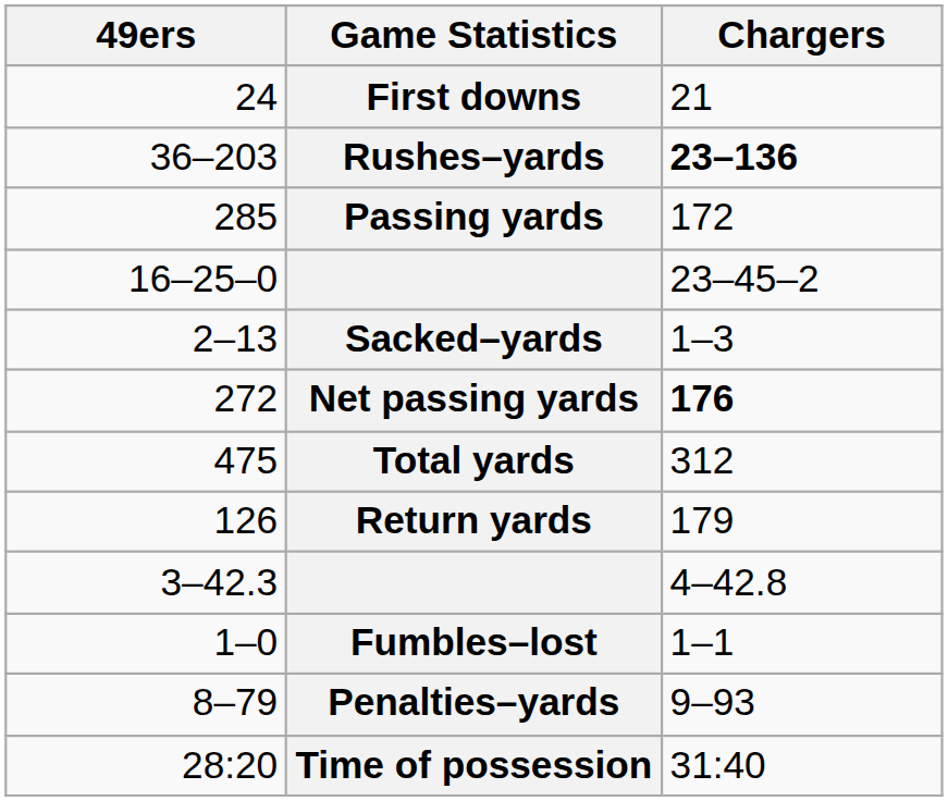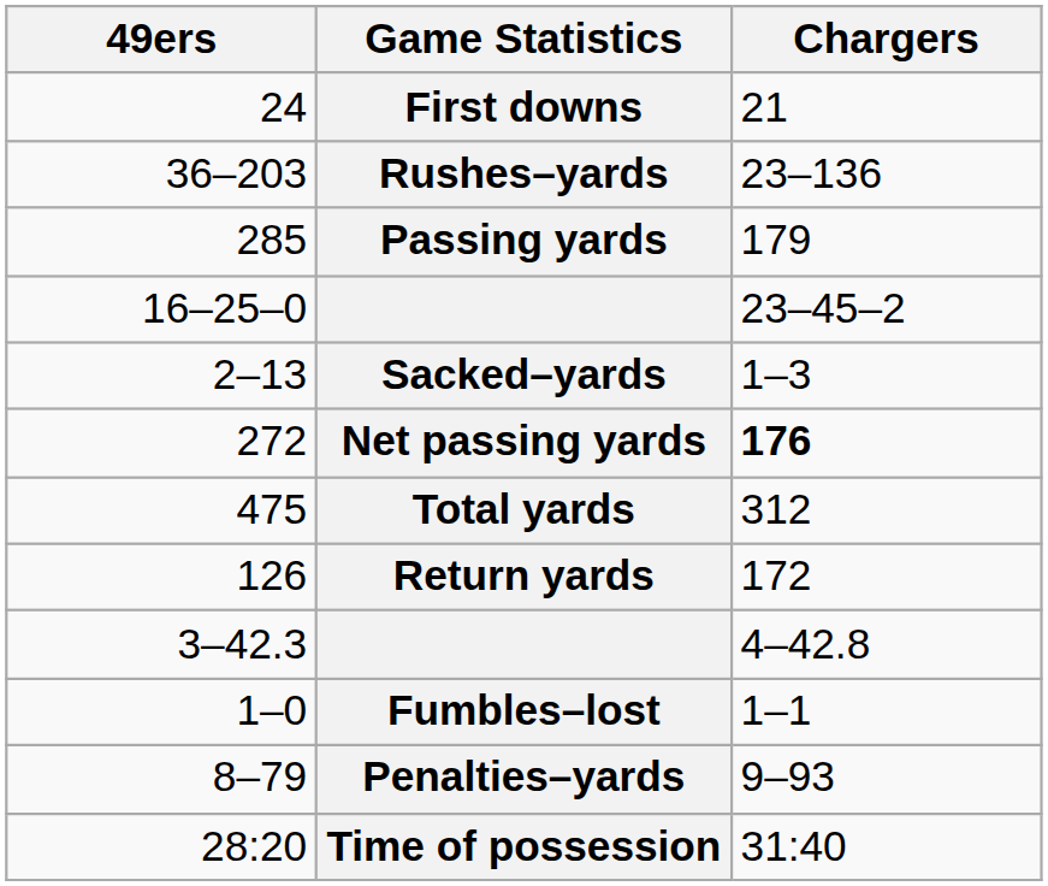 <table class="wikitable" style="margin: 1em auto 1em auto">
 <tr>
 <th style="width:30%;">49ers</th>
 <th style="width:40%;">Game Statistics</th>
 <th style="width:30%;">Chargers</th>
 </tr>
 <tr>
 <td style="text-align:right;">24</td>
 <th>First downs</th>
 <td>21</td>
 </tr>
 <tr>
 <td style="text-align:right;">36–203</td>
 <th>Rushes–yards</th>
-<td><strong>23–136</strong></td>
+<td>23–136</td>
 </tr>
 <tr>
 <td style="text-align:right;">285</td>
 <th>Passing yards</th>
-<td>172</td>
+<td>179</td>
 </tr>
 <tr>
 <td style="text-align:right;">16–25–0</td>
 <th></th>
 <td>23–45–2</td>
 </tr>
 <tr>
 <td style="text-align:right;">2–13</td>
 <th>Sacked–yards</th>
 <td>1–3</td>
 </tr>
 <tr>
 <td style="text-align:right;">272</td>
 <th>Net passing yards</th>
 <td><strong>176</strong></td>
 </tr>
 <tr>
 <td style="text-align:right;">475</td>
 <th>Total yards</th>
 <td>312</td>
 </tr>
 <tr>
 <td style="text-align:right;">126</td>
 <th>Return yards</th>
-<td>179</td>
+<td>172</td>
 </tr>
 <tr>
 <td style="text-align:right;">3–42.3</td>
 <th></th>
 <td>4–42.8</td>
 </tr>
 <tr>
 <td style="text-align:right;">1–0</td>
 <th>Fumbles–lost</th>
 <td>1–1</td>
 </tr>
 <tr>
 <td style="text-align:right;">8–79</td>
 <th>Penalties–yards</th>
 <td>9–93</td>
 </tr>
 <tr>
 <td style="text-align:right;">28:20</td>
 <th>Time of possession</th>
 <td>31:40</td>
 </tr>
 </table>
